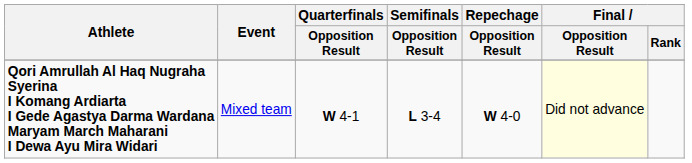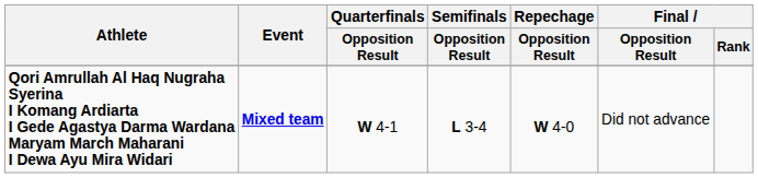 <table class="wikitable" style="font-size:85%">
 <tr>
 <th rowspan=2>Athlete</th>
 <th rowspan=2>Event</th>
 <th>Quarterfinals</th>
 <th>Semifinals</th>
 <th>Repechage</th>
 <th colspan=2>Final / </th>
 </tr>
 <tr style="font-size:90%">
 <th>Opposition<br>Result</th>
 <th>Opposition<br>Result</th>
 <th>Opposition<br>Result</th>
 <th>Opposition<br>Result</th>
 <th>Rank</th>
 </tr>
 <tr>
 </tr>
 <tr align=center>
 <td align=left><strong>Qori Amrullah Al Haq Nugraha<br>Syerina<br>I Komang Ardiarta<br>I Gede Agastya Darma Wardana<br>Maryam March Maharani<br>I Dewa Ayu Mira Widari</strong></td>
-<td align=left><a href='#'>Mixed team</a></td>
+<td align=left><strong><a href='#'>Mixed team</a></strong></td>
 <td><br><strong>W</strong> 4-1</td>
 <td><br><strong>L</strong> 3-4</td>
 <td><br><strong>W</strong> 4-0</td>
-<td style="background: lightyellow;">Did not advance</td>
+<td>Did not advance</td>
 <td></td>
 </tr>
 </table>
